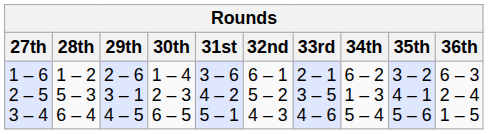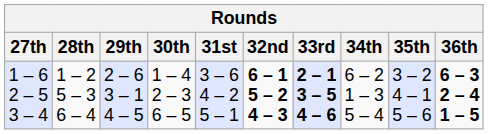 <table class="wikitable">
 <tr>
 <th colspan=10>Rounds</th>
 </tr>
 <tr>
 <th>27th</th>
 <th>28th</th>
 <th>29th</th>
 <th>30th</th>
 <th>31st</th>
 <th>32nd</th>
 <th>33rd</th>
 <th>34th</th>
 <th>35th</th>
 <th>36th</th>
 </tr>
 <tr align=center>
 <td bgcolor=#DFE7FF>1 – 6<br>2 – 5<br>3 – 4</td>
 <td>1 – 2<br>5 – 3<br>6 – 4</td>
 <td bgcolor=#DFE7FF>2 – 6<br>3 – 1<br>4 – 5</td>
 <td>1 – 4<br>2 – 3<br>6 – 5</td>
 <td bgcolor=#DFE7FF>3 – 6<br>4 – 2<br>5 – 1</td>
-<td>6 – 1<br>5 – 2<br>4 – 3</td>
-<td bgcolor=#DFE7FF>2 – 1<br>3 – 5<br>4 – 6</td>
+<td><strong>6 – 1<br>5 – 2<br>4 – 3</strong></td>
+<td bgcolor=#DFE7FF><strong>2 – 1<br>3 – 5<br>4 – 6</strong></td>
 <td>6 – 2<br>1 – 3<br>5 – 4</td>
 <td bgcolor=#DFE7FF>3 – 2<br>4 – 1<br>5 – 6</td>
-<td>6 – 3<br>2 – 4<br>1 – 5</td>
+<td><strong>6 – 3<br>2 – 4<br>1 – 5</strong></td>
 </tr>
 </table>
